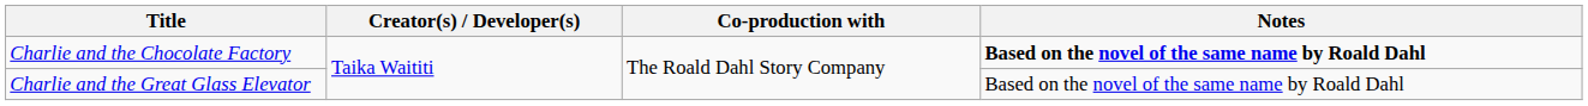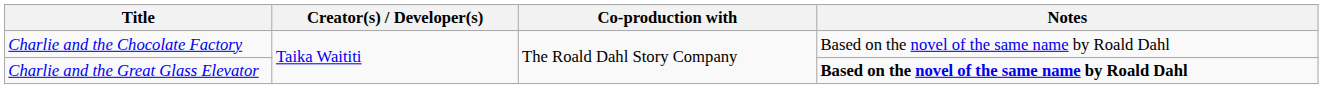 <table class="wikitable" style="width:100%;">
 <tr>
 <th width="250px">Title</th>
 <th>Creator(s) / Developer(s)</th>
 <th>Co-production with</th>
 <th>Notes</th>
 </tr>
 <tr>
 <td><em><a href='#'>Charlie and the Chocolate Factory</a></em></td>
 <td rowspan="2"><a href='#'>Taika Waititi</a></td>
 <td rowspan="2">The Roald Dahl Story Company</td>
-<td><strong>Based on the <a href='#'>novel of the same name</a> by Roald Dahl</strong></td>
+<td>Based on the <a href='#'>novel of the same name</a> by Roald Dahl</td>
 </tr>
 <tr>
 <td><em><a href='#'>Charlie and the Great Glass Elevator</a></em></td>
-<td>Based on the <a href='#'>novel of the same name</a> by Roald Dahl</td>
+<td><strong>Based on the <a href='#'>novel of the same name</a> by Roald Dahl</strong></td>
 </tr>
 </table>
